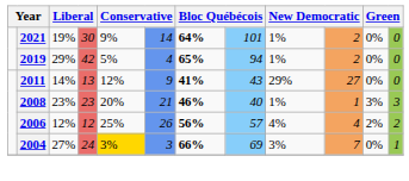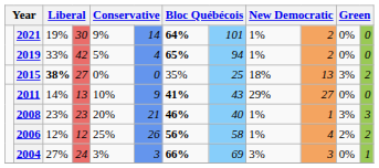 <table class="wikitable" style="float:right; width:400; font-size:90%; margin-left:1em;">
 <tr>
 <th colspan="2" scope="col">Year</th>
 <th colspan="2" scope="col"><a href='#'>Liberal</a></th>
 <th colspan="2" scope="col"><a href='#'>Conservative</a></th>
 <th colspan="2" scope="col"><a href='#'>Bloc Québécois</a></th>
 <th colspan="2" scope="col"><a href='#'>New Democratic</a></th>
 <th colspan="2" scope="col"><a href='#'>Green</a></th>
 </tr>
 <tr>
 <td rowspan="2" style="width: 0.25em; background-color: "></td>
 <th><a href='#'>2021</a></th>
 <td>19%</td>
 <td style="text-align:right; background:#EA6D6A;"><em>30</em></td>
 <td>9%</td>
 <td style="text-align:right; background:#6495ED;"><em>14</em></td>
 <td><strong>64%</strong></td>
 <td style="text-align:right; background:#87CEFA;"><em>101</em></td>
 <td>1%</td>
 <td style="text-align:right; background:#F4A460;"><em>2</em></td>
 <td>0%</td>
 <td style="text-align:right; background:#99C955;"><em>0</em></td>
 </tr>
 <tr>
 <th><a href='#'>2019</a></th>
-<td>29%</td>
+<td>33%</td>
 <td style="text-align:right; background:#EA6D6A;"><em>42</em></td>
 <td>5%</td>
 <td style="text-align:right; background:#6495ED;"><em>4</em></td>
 <td><strong>65%</strong></td>
 <td style="text-align:right; background:#87CEFA;"><em>94</em></td>
 <td>1%</td>
 <td style="text-align:right; background:#F4A460;"><em>2</em></td>
 <td>0%</td>
 <td style="text-align:right; background:#99C955;"><em>0</em></td>
 </tr>
 <tr>
+<td style="width: 0.25em; background-color: "></td>
+<th><a href='#'>2015</a></th>
+<td><strong>38%</strong></td>
+<td style="text-align:right; background:#EA6D6A;"><em>27</em></td>
+<td>0%</td>
+<td style="text-align:right; background:#6495ED;"><em>0</em></td>
+<td>35%</td>
+<td style="text-align:right; background:#87CEFA;"><em>25</em></td>
+<td>18%</td>
+<td style="text-align:right; background:#F4A460;"><em>13</em></td>
+<td>3%</td>
+<td style="text-align:right; background:#99C955;"><em>2</em></td>
+</tr>
+<tr>
 <td rowspan="4" style="width: 0.25em; background-color: "></td>
 <th><a href='#'>2011</a></th>
 <td>14%</td>
 <td style="text-align:right; background:#EA6D6A;"><em>13</em></td>
-<td>12%</td>
+<td>10%</td>
 <td style="text-align:right; background:#6495ED;"><em>9</em></td>
 <td><strong>41%</strong></td>
 <td style="text-align:right; background:#87CEFA;"><em>43</em></td>
 <td>29%</td>
 <td style="text-align:right; background:#F4A460;"><em>27</em></td>
 <td>0%</td>
 <td style="text-align:right; background:#99C955;"><em>0</em></td>
 </tr>
 <tr>
 <th><a href='#'>2008</a></th>
 <td>23%</td>
 <td style="text-align:right; background:#EA6D6A;"><em>23</em></td>
 <td>20%</td>
 <td style="text-align:right; background:#6495ED;"><em>21</em></td>
 <td><strong>46%</strong></td>
 <td style="text-align:right; background:#87CEFA;"><em>40</em></td>
 <td>1%</td>
 <td style="text-align:right; background:#F4A460;"><em>1</em></td>
 <td>3%</td>
 <td style="text-align:right; background:#99C955;"><em>3</em></td>
 </tr>
 <tr>
 <th><a href='#'>2006</a></th>
 <td>12%</td>
 <td style="text-align:right; background:#EA6D6A;"><em>12</em></td>
 <td>25%</td>
 <td style="text-align:right; background:#6495ED;"><em>26</em></td>
 <td><strong>56%</strong></td>
-<td style="text-align:right; background:#87CEFA;"><em>57</em></td>
-<td>4%</td>
+<td style="text-align:right; background:#87CEFA;"><em>58</em></td>
+<td>1%</td>
 <td style="text-align:right; background:#F4A460;"><em>4</em></td>
 <td>2%</td>
 <td style="text-align:right; background:#99C955;"><em>2</em></td>
 </tr>
 <tr>
 <th><a href='#'>2004</a></th>
 <td>27%</td>
 <td style="text-align:right; background:#EA6D6A;"><em>24</em></td>
-<td style="background: gold;">3%</td>
+<td>3%</td>
 <td style="text-align:right; background:#6495ED;"><em>3</em></td>
 <td><strong>66%</strong></td>
 <td style="text-align:right; background:#87CEFA;"><em>69</em></td>
 <td>3%</td>
-<td style="text-align:right; background:#F4A460;"><em>7</em></td>
+<td style="text-align:right; background:#F4A460;"><em>3</em></td>
 <td>0%</td>
 <td style="text-align:right; background:#99C955;"><em>1</em></td>
 </tr>
 <tr>
 </tr>
 </table>
